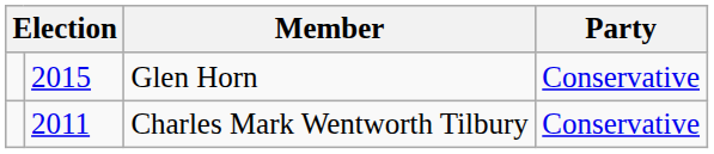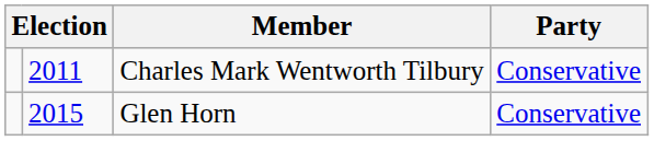 <table class="wikitable">
 <tr>
 <th colspan="2">Election</th>
 <th>Member</th>
 <th>Party</th>
 </tr>
 <tr>
 <td style="background-color: "></td>
+<td><a href='#'>2011</a></td>
+<td>Charles Mark Wentworth Tilbury</td>
+<td><a href='#'>Conservative</a></td>
+</tr>
+<tr>
+<td style="background-color: "></td>
 <td><a href='#'>2015</a></td>
 <td>Glen Horn</td>
 <td><a href='#'>Conservative</a></td>
 </tr>
-<tr>
-<td style="background-color: "></td>
-<td><a href='#'>2011</a></td>
-<td>Charles Mark Wentworth Tilbury</td>
-<td><a href='#'>Conservative</a></td>
-</tr>
 </table>
